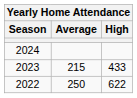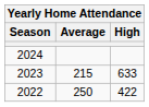 <table class="wikitable" style="text-align:center;">
 <tr>
 <th colspan=3>Yearly Home Attendance</th>
 </tr>
 <tr>
 <th>Season</th>
 <th>Average</th>
 <th>High</th>
 </tr>
 <tr>
 <th colspan=3 style="text-align:center; "><a href='#'></a></th>
 </tr>
 <tr>
 <td>2024</td>
 <td></td>
 <td></td>
 </tr>
 <tr>
 <td>2023</td>
 <td>215</td>
-<td>433</td>
+<td>633</td>
 </tr>
 <tr>
 <td>2022</td>
 <td>250</td>
-<td>622</td>
+<td>422</td>
 </tr>
 </table>
